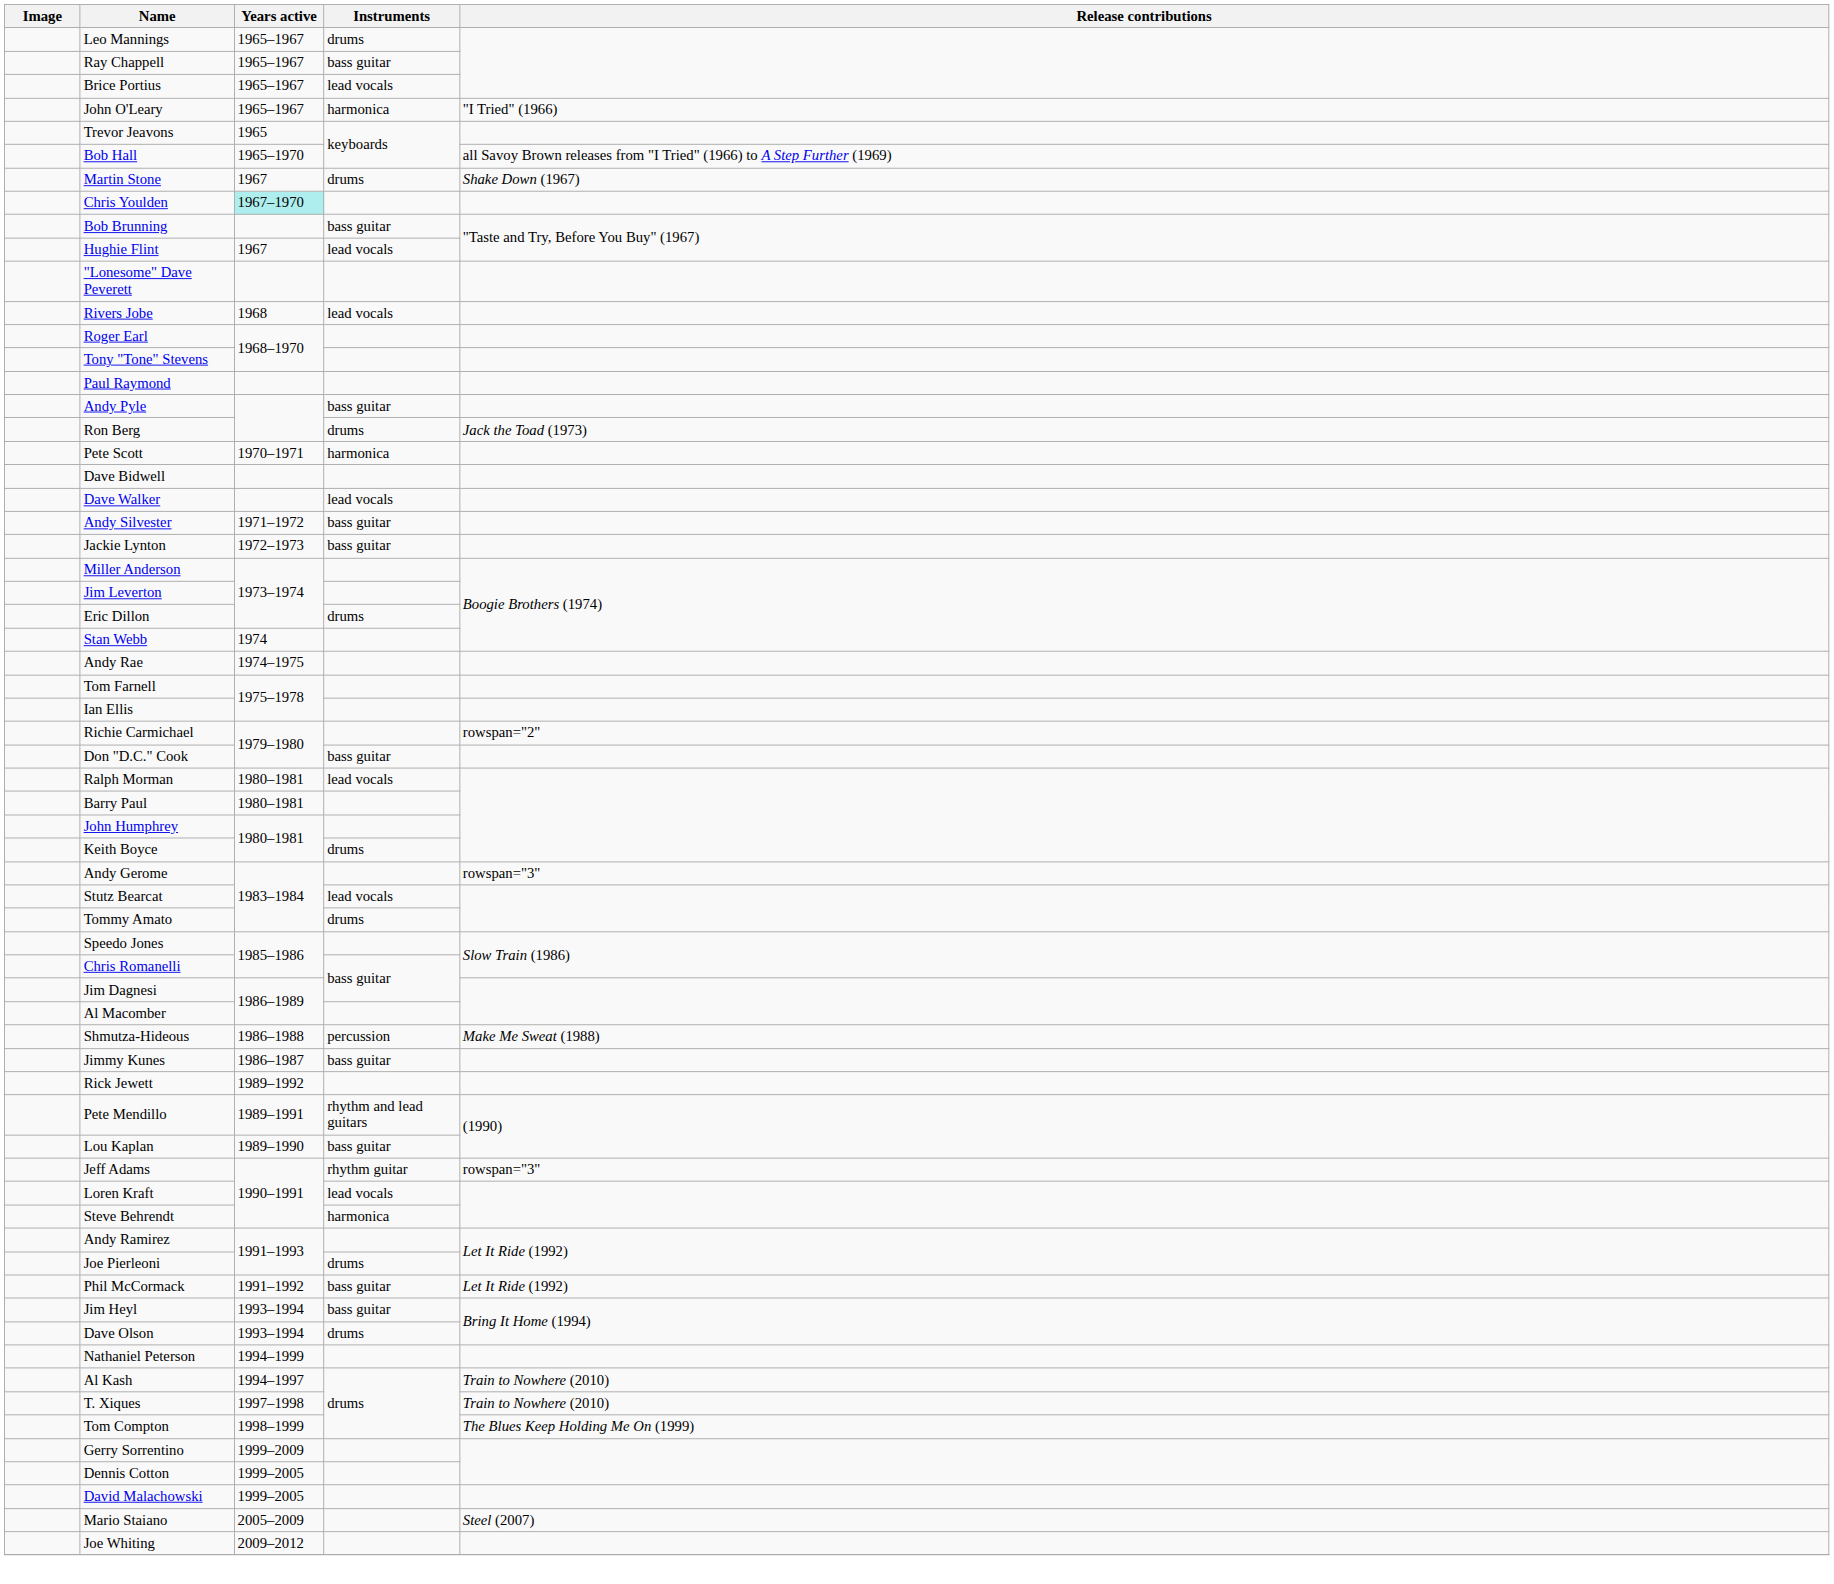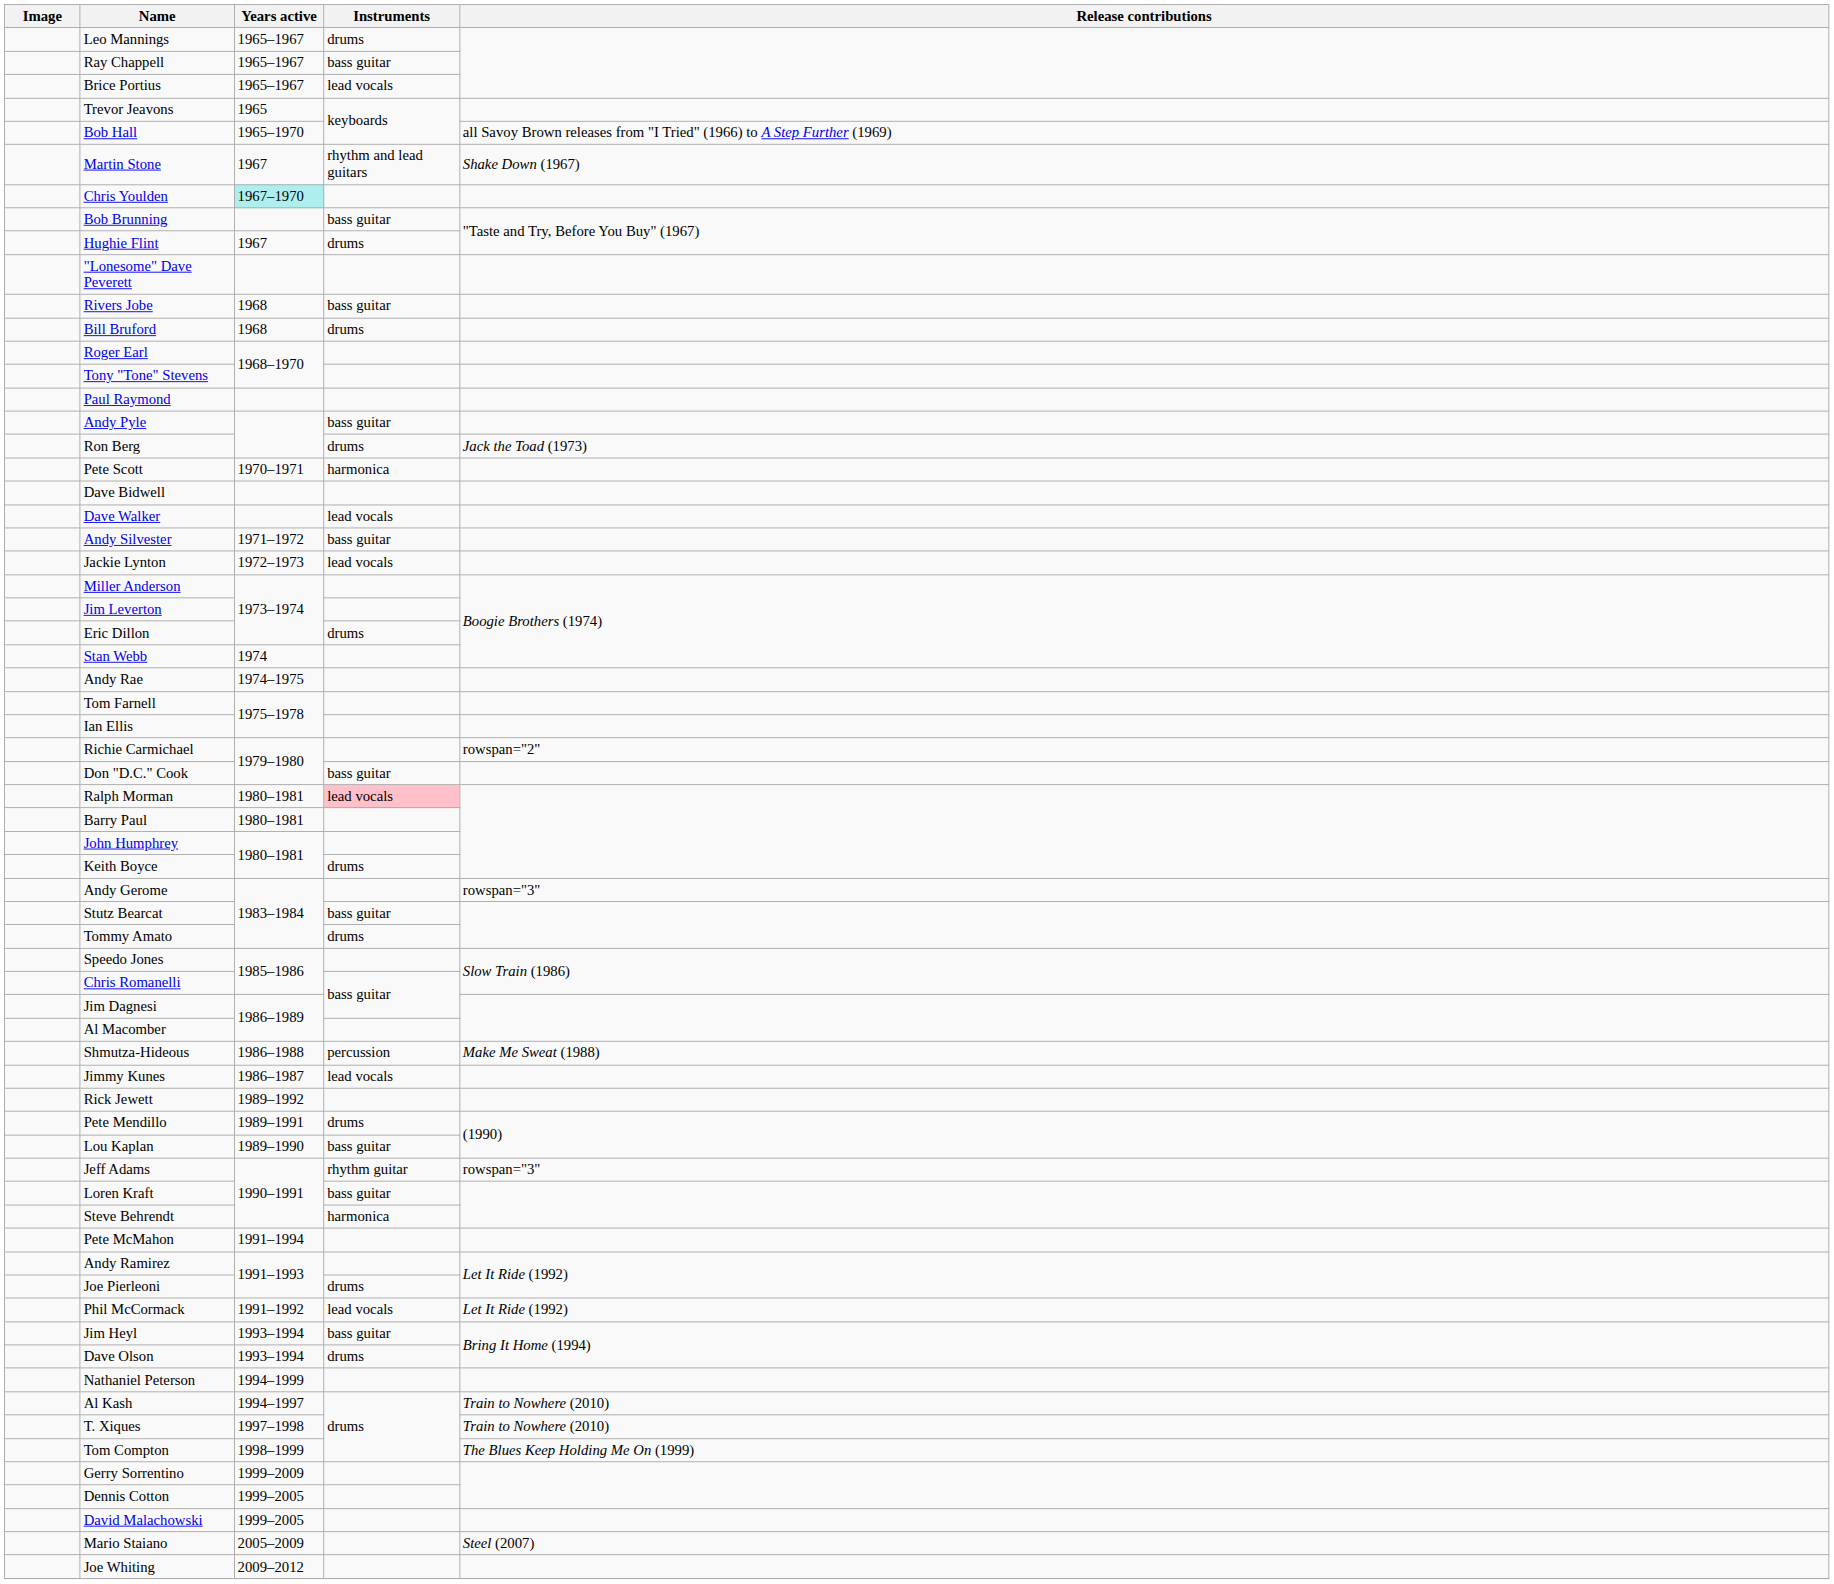 <table class="wikitable" border="1" width=100%>
 <tr>
 <th width="75">Image</th>
 <th width="160">Name</th>
 <th width="90">Years active</th>
 <th width="140">Instruments</th>
 <th>Release contributions</th>
 </tr>
 <tr>
 <td></td>
 <td>Leo Mannings</td>
 <td>1965–1967</td>
 <td>drums</td>
 <td rowspan="3"></td>
 </tr>
 <tr>
 <td></td>
 <td>Ray Chappell</td>
 <td>1965–1967 </td>
 <td>bass guitar</td>
 </tr>
 <tr>
 <td></td>
 <td>Brice Portius</td>
 <td>1965–1967</td>
 <td>lead vocals</td>
 </tr>
 <tr>
 <td></td>
-<td>John O'Leary</td>
-<td>1965–1967 </td>
-<td>harmonica</td>
-<td>"I Tried" (1966)</td>
-</tr>
-<tr>
-<td></td>
 <td>Trevor Jeavons</td>
 <td>1965</td>
 <td rowspan="2">keyboards</td>
 <td></td>
 </tr>
 <tr>
 <td></td>
 <td><a href='#'>Bob Hall</a></td>
 <td>1965–1970 </td>
 <td>all Savoy Brown releases from "I Tried" (1966) to <em><a href='#'>A Step Further</a></em> (1969)</td>
 </tr>
 <tr>
 <td></td>
 <td><a href='#'>Martin Stone</a></td>
 <td>1967 </td>
-<td>drums</td>
+<td>rhythm and lead guitars</td>
 <td><em>Shake Down</em> (1967)</td>
 </tr>
 <tr>
 <td></td>
 <td><a href='#'>Chris Youlden</a></td>
 <td style="background: paleturquoise;">1967–1970</td>
 <td></td>
 <td></td>
 </tr>
 <tr>
 <td></td>
 <td><a href='#'>Bob Brunning</a></td>
 <td></td>
 <td>bass guitar</td>
 <td rowspan="2">"Taste and Try, Before You Buy" (1967)</td>
 </tr>
 <tr>
 <td></td>
 <td><a href='#'>Hughie Flint</a></td>
 <td>1967</td>
-<td>lead vocals</td>
+<td>drums</td>
 </tr>
 <tr>
 <td></td>
 <td><a href='#'>"Lonesome" Dave Peverett</a></td>
 <td></td>
 <td></td>
 <td></td>
 </tr>
 <tr>
 <td></td>
 <td><a href='#'>Rivers Jobe</a></td>
 <td>1968 </td>
-<td>lead vocals</td>
+<td>bass guitar</td>
+<td></td>
+</tr>
+<tr>
+<td></td>
+<td><a href='#'>Bill Bruford</a></td>
+<td>1968</td>
+<td>drums</td>
 <td></td>
 </tr>
 <tr>
 <td></td>
 <td><a href='#'>Roger Earl</a></td>
 <td rowspan="2">1968–1970</td>
 <td></td>
 <td></td>
 </tr>
 <tr>
 <td></td>
 <td><a href='#'>Tony "Tone" Stevens</a></td>
 <td></td>
 <td></td>
 </tr>
 <tr>
 <td></td>
 <td><a href='#'>Paul Raymond</a></td>
 <td></td>
 <td></td>
 <td></td>
 </tr>
 <tr>
 <td></td>
 <td><a href='#'>Andy Pyle</a></td>
 <td rowspan="2"></td>
 <td>bass guitar</td>
 <td></td>
 </tr>
 <tr>
 <td></td>
 <td>Ron Berg</td>
 <td>drums</td>
 <td><em>Jack the Toad</em> (1973) </td>
 </tr>
 <tr>
 <td></td>
 <td>Pete Scott</td>
 <td>1970–1971</td>
 <td>harmonica</td>
 <td></td>
 </tr>
 <tr>
 <td></td>
 <td>Dave Bidwell</td>
 <td></td>
 <td></td>
 <td></td>
 </tr>
 <tr>
 <td></td>
 <td><a href='#'>Dave Walker</a></td>
 <td></td>
 <td>lead vocals</td>
 <td></td>
 </tr>
 <tr>
 <td></td>
 <td><a href='#'>Andy Silvester</a></td>
 <td>1971–1972</td>
 <td>bass guitar</td>
 <td></td>
 </tr>
 <tr>
 <td></td>
 <td>Jackie Lynton</td>
 <td>1972–1973</td>
-<td>bass guitar</td>
+<td>lead vocals</td>
 <td></td>
 </tr>
 <tr>
 <td></td>
 <td><a href='#'>Miller Anderson</a></td>
 <td rowspan="3">1973–1974</td>
 <td></td>
 <td rowspan="4"><em>Boogie Brothers</em> (1974)</td>
 </tr>
 <tr>
 <td></td>
 <td><a href='#'>Jim Leverton</a></td>
 <td></td>
 </tr>
 <tr>
 <td></td>
 <td>Eric Dillon</td>
 <td>drums</td>
 </tr>
 <tr>
 <td></td>
 <td><a href='#'>Stan Webb</a></td>
 <td>1974</td>
 <td></td>
 </tr>
 <tr>
 <td></td>
 <td>Andy Rae</td>
 <td>1974–1975</td>
 <td></td>
 <td></td>
 </tr>
 <tr>
 <td></td>
 <td>Tom Farnell</td>
 <td rowspan="2">1975–1978</td>
 <td></td>
 <td></td>
 </tr>
 <tr>
 <td></td>
 <td>Ian Ellis</td>
 <td></td>
 <td></td>
 </tr>
 <tr>
 <td></td>
 <td>Richie Carmichael</td>
 <td rowspan="2">1979–1980</td>
 <td></td>
 <td>rowspan="2" </td>
 </tr>
 <tr>
 <td></td>
 <td>Don "D.C." Cook</td>
 <td>bass guitar</td>
 </tr>
 <tr>
 <td></td>
 <td>Ralph Morman</td>
 <td>1980–1981 </td>
-<td>lead vocals</td>
+<td style="background: pink;">lead vocals</td>
 <td rowspan="4"></td>
 </tr>
 <tr>
 <td></td>
 <td>Barry Paul</td>
 <td>1980–1981 </td>
 <td></td>
 </tr>
 <tr>
 <td></td>
 <td><a href='#'>John Humphrey</a></td>
 <td rowspan="2">1980–1981</td>
 <td></td>
 </tr>
 <tr>
 <td></td>
 <td>Keith Boyce</td>
 <td>drums</td>
 </tr>
 <tr>
 <td></td>
 <td>Andy Gerome</td>
 <td rowspan="3">1983–1984</td>
 <td></td>
 <td>rowspan="3" </td>
 </tr>
 <tr>
 <td></td>
 <td>Stutz Bearcat</td>
-<td>lead vocals</td>
+<td>bass guitar</td>
 </tr>
 <tr>
 <td></td>
 <td>Tommy Amato</td>
 <td>drums</td>
 </tr>
 <tr>
 <td></td>
 <td>Speedo Jones</td>
 <td rowspan="2">1985–1986</td>
 <td></td>
 <td rowspan="2"><em>Slow Train</em> (1986)</td>
 </tr>
 <tr>
 <td></td>
 <td><a href='#'>Chris Romanelli</a></td>
 <td rowspan="2">bass guitar</td>
 </tr>
 <tr>
 <td></td>
 <td>Jim Dagnesi</td>
 <td rowspan="2">1986–1989</td>
 <td rowspan="2"></td>
 </tr>
 <tr>
 <td></td>
 <td>Al Macomber</td>
 <td></td>
 </tr>
 <tr>
 <td></td>
 <td>Shmutza-Hideous</td>
 <td>1986–1988</td>
 <td>percussion</td>
 <td><em>Make Me Sweat</em> (1988)</td>
 </tr>
 <tr>
 <td></td>
 <td>Jimmy Kunes</td>
 <td>1986–1987</td>
-<td>bass guitar</td>
+<td>lead vocals</td>
 <td></td>
 </tr>
 <tr>
 <td></td>
 <td>Rick Jewett</td>
 <td>1989–1992</td>
 <td></td>
 <td></td>
 </tr>
 <tr>
 <td></td>
 <td>Pete Mendillo</td>
 <td>1989–1991 </td>
-<td>rhythm and lead guitars</td>
+<td>drums</td>
 <td rowspan="2"><em></em> (1990)</td>
 </tr>
 <tr>
 <td></td>
 <td>Lou Kaplan</td>
 <td>1989–1990</td>
 <td>bass guitar</td>
 </tr>
 <tr>
 <td></td>
 <td>Jeff Adams</td>
 <td rowspan="3">1990–1991</td>
 <td>rhythm guitar</td>
 <td>rowspan="3" </td>
 </tr>
 <tr>
 <td></td>
 <td>Loren Kraft</td>
-<td>lead vocals</td>
+<td>bass guitar</td>
 </tr>
 <tr>
 <td></td>
 <td>Steve Behrendt</td>
 <td>harmonica</td>
+</tr>
+<tr>
+<td></td>
+<td>Pete McMahon</td>
+<td>1991–1994</td>
+<td></td>
+<td></td>
 </tr>
 <tr>
 <td></td>
 <td>Andy Ramirez</td>
 <td rowspan="2">1991–1993</td>
 <td></td>
 <td rowspan="2"><em>Let It Ride</em> (1992)</td>
 </tr>
 <tr>
 <td></td>
 <td>Joe Pierleoni</td>
 <td>drums</td>
 </tr>
 <tr>
 <td></td>
 <td>Phil McCormack</td>
 <td>1991–1992</td>
-<td>bass guitar</td>
+<td>lead vocals</td>
 <td><em>Let It Ride</em> (1992) </td>
 </tr>
 <tr>
 <td></td>
 <td>Jim Heyl</td>
 <td>1993–1994</td>
 <td>bass guitar</td>
 <td rowspan="2"><em>Bring It Home</em> (1994)</td>
 </tr>
 <tr>
 <td></td>
 <td>Dave Olson</td>
 <td>1993–1994 </td>
 <td>drums</td>
 </tr>
 <tr>
 <td></td>
 <td>Nathaniel Peterson</td>
 <td>1994–1999</td>
 <td></td>
 <td></td>
 </tr>
 <tr>
 <td></td>
 <td>Al Kash</td>
 <td>1994–1997</td>
 <td rowspan="3">drums</td>
 <td><em>Train to Nowhere</em> (2010)</td>
 </tr>
 <tr>
 <td></td>
 <td>T. Xiques</td>
 <td>1997–1998</td>
 <td><em>Train to Nowhere</em> (2010) </td>
 </tr>
 <tr>
 <td></td>
 <td>Tom Compton</td>
 <td>1998–1999</td>
 <td><em>The Blues Keep Holding Me On</em> (1999)</td>
 </tr>
 <tr>
 <td></td>
 <td>Gerry Sorrentino</td>
 <td>1999–2009</td>
 <td></td>
 <td rowspan="2"></td>
 </tr>
 <tr>
 <td></td>
 <td>Dennis Cotton</td>
 <td>1999–2005</td>
 <td></td>
 </tr>
 <tr>
 <td></td>
 <td><a href='#'>David Malachowski</a></td>
 <td>1999–2005 </td>
 <td></td>
 <td></td>
 </tr>
 <tr>
 <td></td>
 <td>Mario Staiano</td>
 <td>2005–2009</td>
 <td></td>
 <td><em>Steel</em> (2007) </td>
 </tr>
 <tr>
 <td></td>
 <td>Joe Whiting</td>
 <td>2009–2012</td>
 <td></td>
 <td></td>
 </tr>
 <tr>
 </tr>
 </table>
